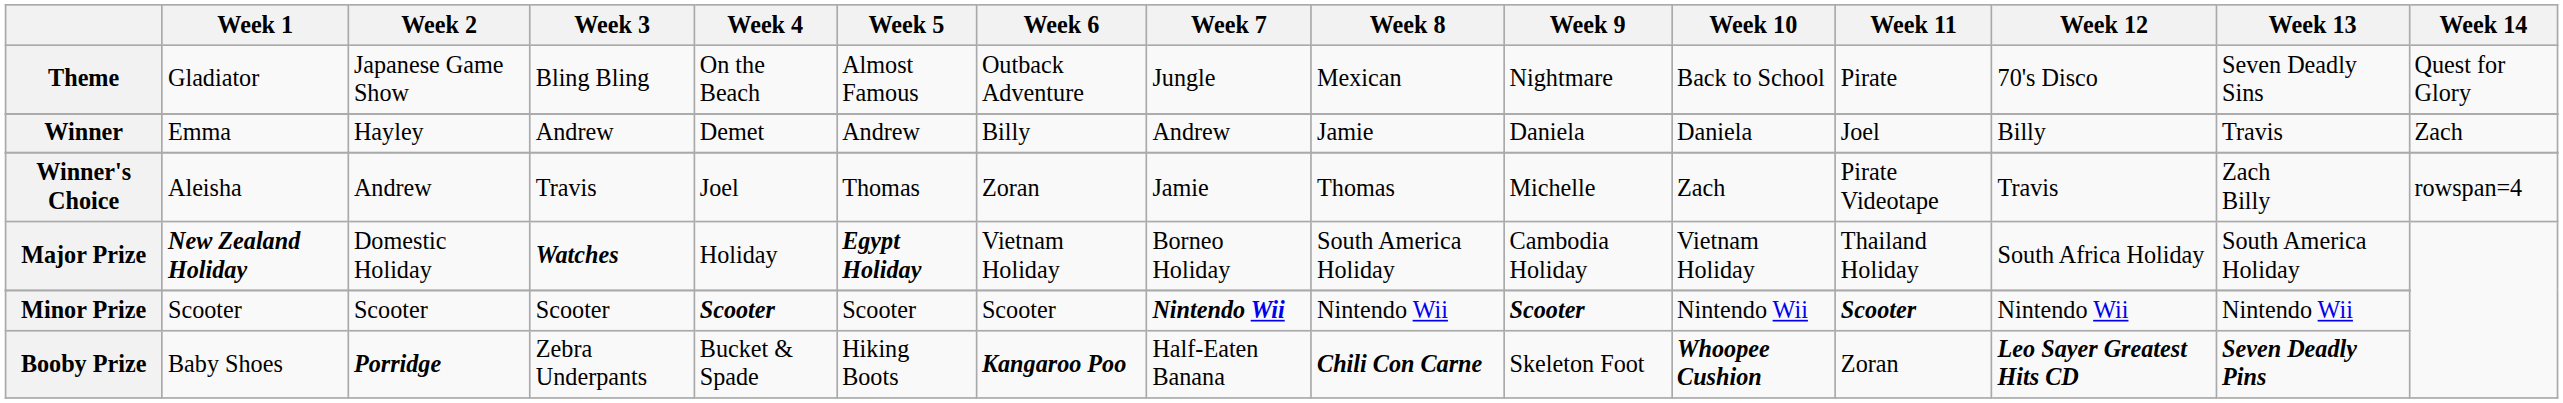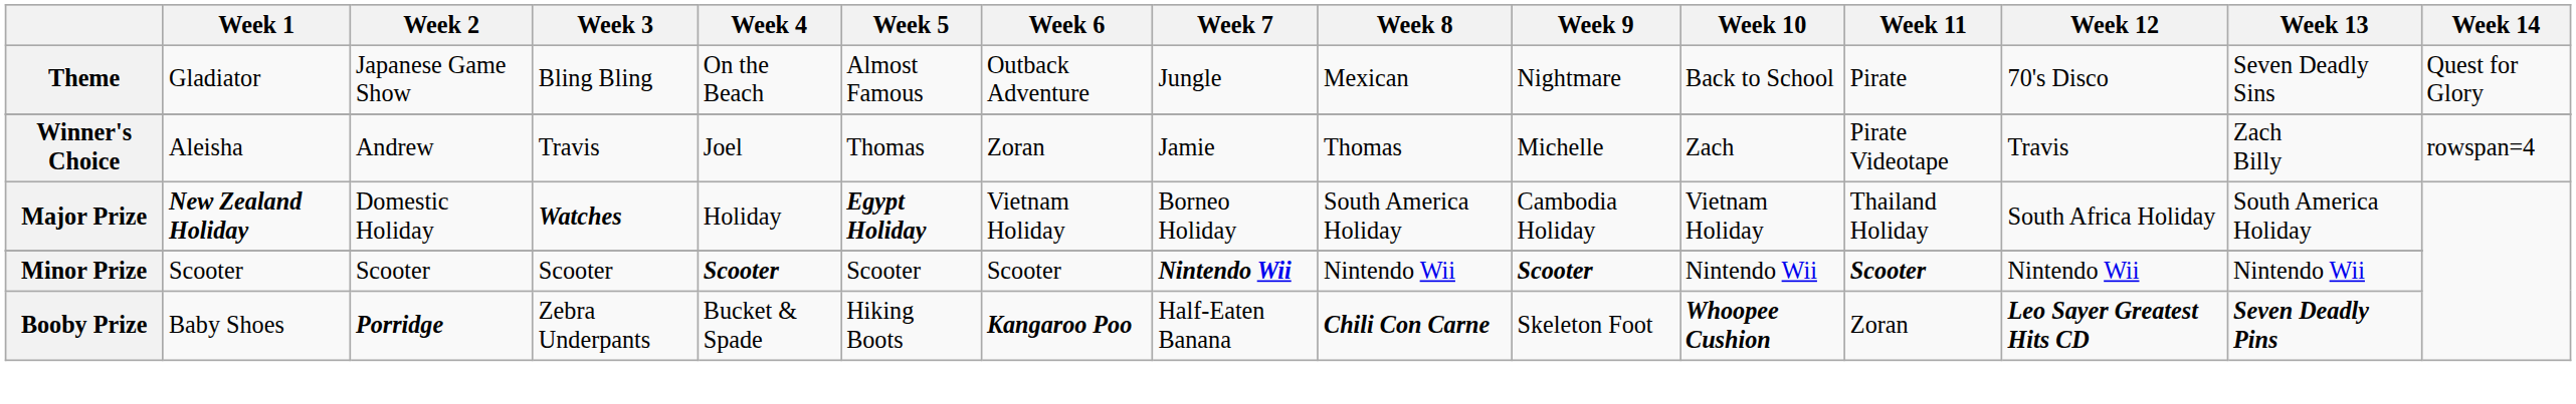 <table class="wikitable" style="font-size:90%; width:96%; margin:auto;">
 <tr>
 <th></th>
 <th>Week 1</th>
 <th>Week 2</th>
 <th>Week 3</th>
 <th>Week 4</th>
 <th>Week 5</th>
 <th>Week 6</th>
 <th>Week 7</th>
 <th>Week 8</th>
 <th>Week 9</th>
 <th>Week 10</th>
 <th>Week 11</th>
 <th>Week 12</th>
 <th>Week 13</th>
 <th>Week 14</th>
 </tr>
 <tr>
 <th>Theme</th>
 <td>Gladiator</td>
 <td>Japanese Game Show</td>
 <td>Bling Bling</td>
 <td>On the Beach</td>
 <td>Almost Famous</td>
 <td>Outback Adventure</td>
 <td>Jungle</td>
 <td>Mexican</td>
 <td>Nightmare</td>
 <td>Back to School</td>
 <td>Pirate</td>
 <td>70's Disco</td>
 <td>Seven Deadly Sins</td>
 <td>Quest for Glory</td>
 </tr>
 <tr>
-</tr>
-<tr>
-<th>Winner</th>
-<td>Emma</td>
-<td>Hayley</td>
-<td>Andrew</td>
-<td>Demet</td>
-<td>Andrew</td>
-<td>Billy</td>
-<td>Andrew</td>
-<td>Jamie</td>
-<td>Daniela</td>
-<td>Daniela</td>
-<td>Joel</td>
-<td>Billy</td>
-<td>Travis</td>
-<td>Zach</td>
 </tr>
 <tr>
 </tr>
 <tr>
 <th>Winner's Choice</th>
 <td>Aleisha</td>
 <td>Andrew</td>
 <td>Travis</td>
 <td>Joel</td>
 <td>Thomas</td>
 <td>Zoran</td>
 <td>Jamie</td>
 <td>Thomas</td>
 <td>Michelle</td>
 <td>Zach</td>
 <td>Pirate Videotape</td>
 <td>Travis</td>
 <td>Zach<br>Billy</td>
 <td>rowspan=4 </td>
 </tr>
 <tr>
 <th>Major Prize</th>
 <td><strong><em>New Zealand Holiday</em></strong></td>
 <td>Domestic Holiday</td>
 <td><strong><em>Watches</em></strong></td>
 <td>Holiday</td>
 <td><strong><em>Egypt Holiday</em></strong></td>
 <td>Vietnam Holiday</td>
 <td>Borneo Holiday</td>
 <td>South America Holiday</td>
 <td>Cambodia Holiday</td>
 <td>Vietnam Holiday</td>
 <td>Thailand Holiday</td>
 <td>South Africa Holiday</td>
 <td>South America Holiday</td>
 </tr>
 <tr>
 </tr>
 <tr>
 <th>Minor Prize</th>
 <td>Scooter</td>
 <td>Scooter</td>
 <td>Scooter</td>
 <td><strong><em>Scooter</em></strong></td>
 <td>Scooter</td>
 <td>Scooter</td>
 <td><strong><em>Nintendo <a href='#'>Wii</a></em></strong></td>
 <td>Nintendo <a href='#'>Wii</a></td>
 <td><strong><em>Scooter</em></strong></td>
 <td>Nintendo <a href='#'>Wii</a></td>
 <td><strong><em>Scooter</em></strong></td>
 <td>Nintendo <a href='#'>Wii</a></td>
 <td>Nintendo <a href='#'>Wii</a></td>
 </tr>
 <tr>
 <th>Booby Prize</th>
 <td>Baby Shoes</td>
 <td><strong><em>Porridge</em></strong></td>
 <td>Zebra Underpants</td>
 <td>Bucket & Spade</td>
 <td>Hiking Boots</td>
 <td><strong><em>Kangaroo Poo</em></strong></td>
 <td>Half-Eaten Banana</td>
 <td><strong><em>Chili Con Carne</em></strong></td>
 <td>Skeleton Foot</td>
 <td><strong><em>Whoopee Cushion</em></strong></td>
 <td>Zoran</td>
 <td><strong><em>Leo Sayer Greatest Hits CD</em></strong></td>
 <td><strong><em>Seven Deadly Pins</em></strong></td>
 </tr>
 </table>
